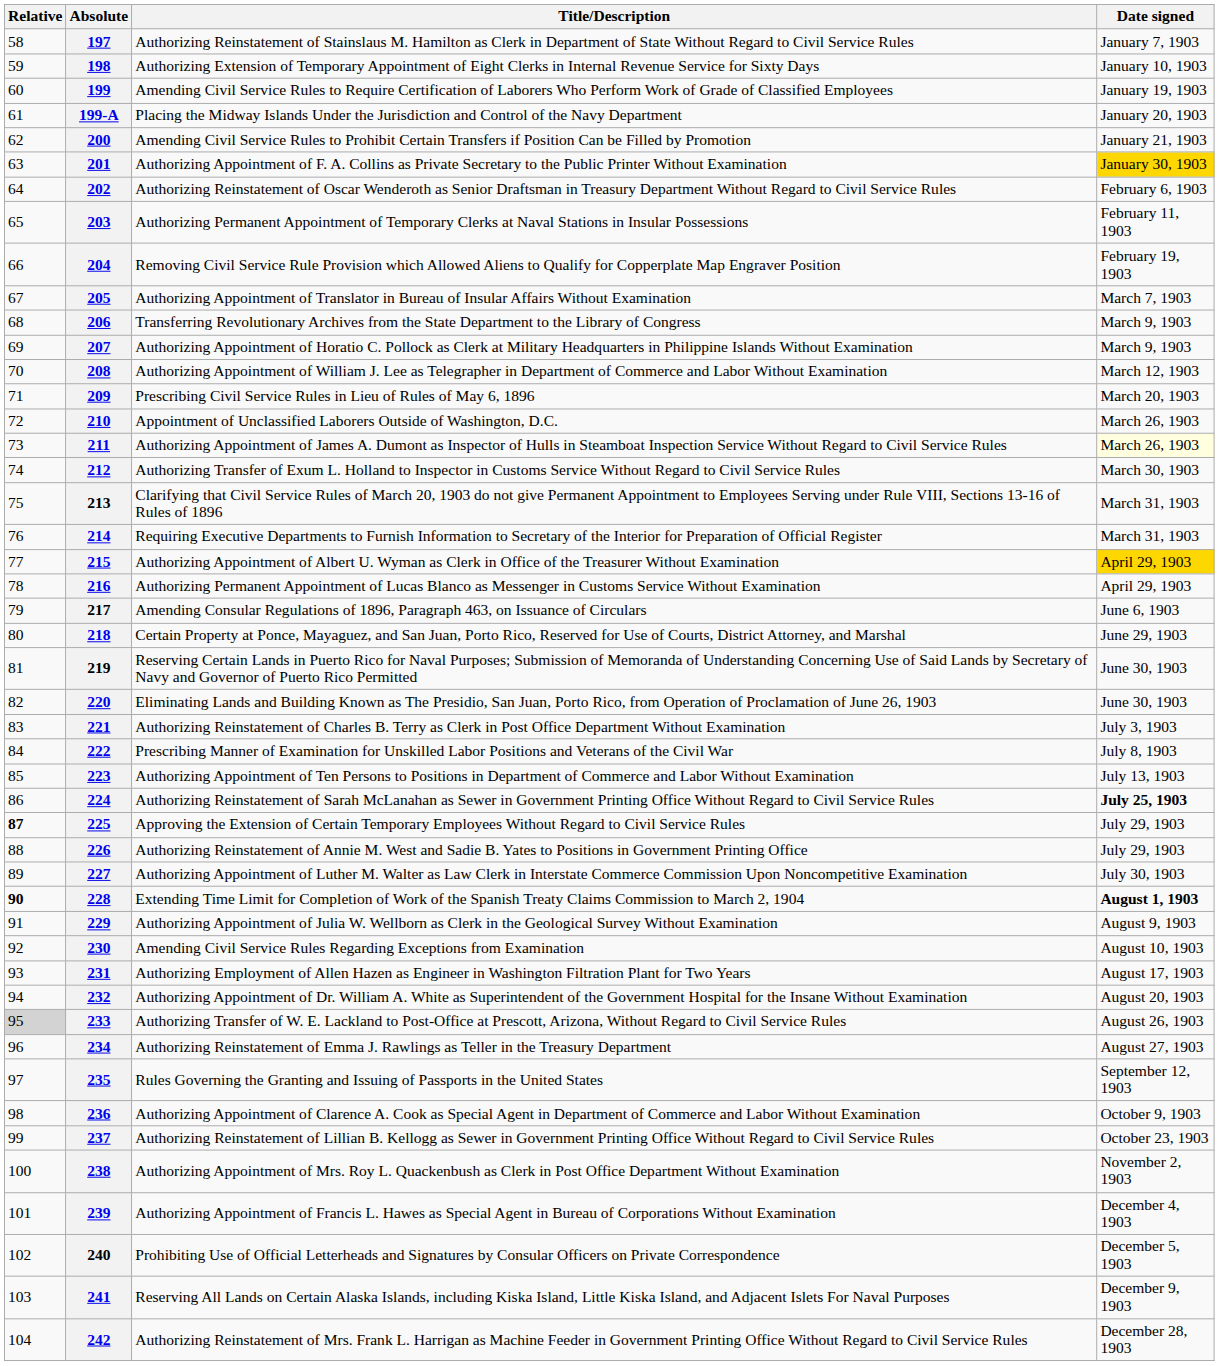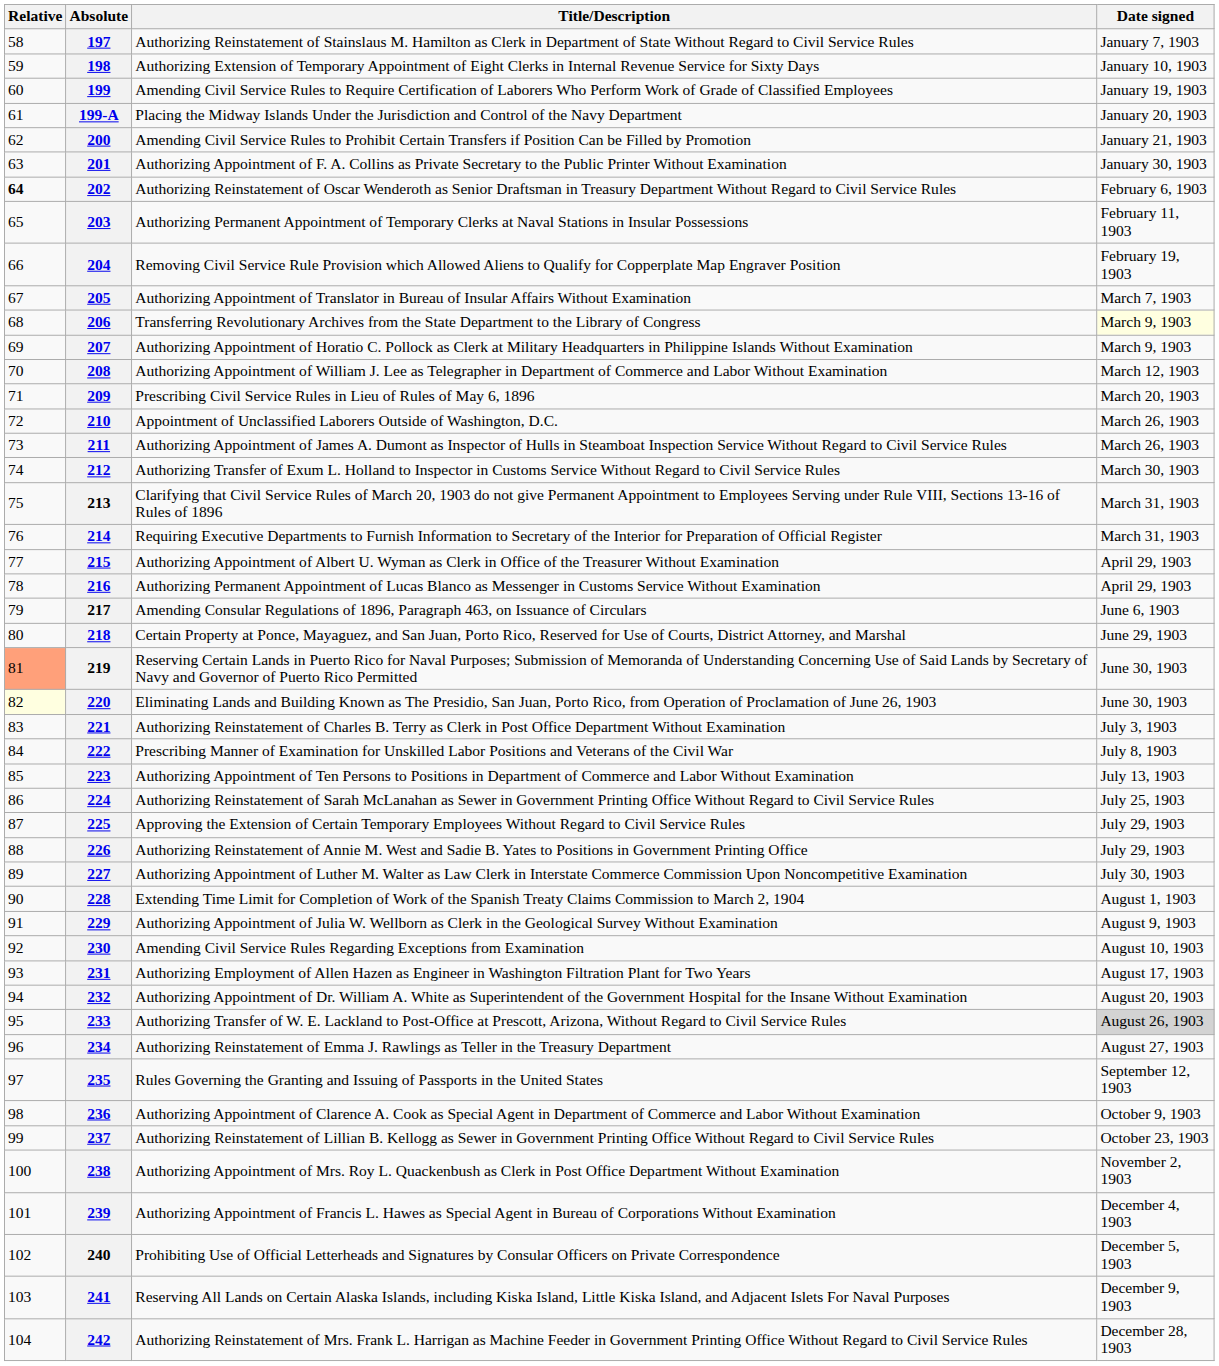 <table class="wikitable">
 <tr>
 <th>Relative </th>
 <th>Absolute </th>
 <th>Title/Description</th>
 <th>Date signed</th>
 </tr>
 <tr>
 <td>58</td>
 <th><a href='#'>197</a></th>
 <td>Authorizing Reinstatement of Stainslaus M. Hamilton as Clerk in Department of State Without Regard to Civil Service Rules</td>
 <td>January 7, 1903</td>
 </tr>
 <tr>
 <td>59</td>
 <th><a href='#'>198</a></th>
 <td>Authorizing Extension of Temporary Appointment of Eight Clerks in Internal Revenue Service for Sixty Days</td>
 <td>January 10, 1903</td>
 </tr>
 <tr>
 <td>60</td>
 <th><a href='#'>199</a></th>
 <td>Amending Civil Service Rules to Require Certification of Laborers Who Perform Work of Grade of Classified Employees</td>
 <td>January 19, 1903</td>
 </tr>
 <tr>
 <td>61</td>
 <th><a href='#'>199-A</a></th>
 <td>Placing the Midway Islands Under the Jurisdiction and Control of the Navy Department</td>
 <td>January 20, 1903</td>
 </tr>
 <tr>
 <td>62</td>
 <th><a href='#'>200</a></th>
 <td>Amending Civil Service Rules to Prohibit Certain Transfers if Position Can be Filled by Promotion</td>
 <td>January 21, 1903</td>
 </tr>
 <tr>
 <td>63</td>
 <th><a href='#'>201</a></th>
 <td>Authorizing Appointment of F. A. Collins as Private Secretary to the Public Printer Without Examination</td>
-<td style="background: gold;">January 30, 1903</td>
+<td>January 30, 1903</td>
 </tr>
 <tr>
-<td>64</td>
+<td><strong>64</strong></td>
 <th><a href='#'>202</a></th>
 <td>Authorizing Reinstatement of Oscar Wenderoth as Senior Draftsman in Treasury Department Without Regard to Civil Service Rules</td>
 <td>February 6, 1903</td>
 </tr>
 <tr>
 <td>65</td>
 <th><a href='#'>203</a></th>
 <td>Authorizing Permanent Appointment of Temporary Clerks at Naval Stations in Insular Possessions</td>
 <td>February 11, 1903</td>
 </tr>
 <tr>
 <td>66</td>
 <th><a href='#'>204</a></th>
 <td>Removing Civil Service Rule Provision which Allowed Aliens to Qualify for Copperplate Map Engraver Position</td>
 <td>February 19, 1903</td>
 </tr>
 <tr>
 <td>67</td>
 <th><a href='#'>205</a></th>
 <td>Authorizing Appointment of Translator in Bureau of Insular Affairs Without Examination</td>
 <td>March 7, 1903</td>
 </tr>
 <tr>
 <td>68</td>
 <th><a href='#'>206</a></th>
 <td>Transferring Revolutionary Archives from the State Department to the Library of Congress</td>
-<td>March 9, 1903</td>
+<td style="background: lightyellow;">March 9, 1903</td>
 </tr>
 <tr>
 <td>69</td>
 <th><a href='#'>207</a></th>
 <td>Authorizing Appointment of Horatio C. Pollock as Clerk at Military Headquarters in Philippine Islands Without Examination</td>
 <td>March 9, 1903</td>
 </tr>
 <tr>
 <td>70</td>
 <th><a href='#'>208</a></th>
 <td>Authorizing Appointment of William J. Lee as Telegrapher in Department of Commerce and Labor Without Examination</td>
 <td>March 12, 1903</td>
 </tr>
 <tr>
 <td>71</td>
 <th><a href='#'>209</a></th>
 <td>Prescribing Civil Service Rules in Lieu of Rules of May 6, 1896</td>
 <td>March 20, 1903</td>
 </tr>
 <tr>
 <td>72</td>
 <th><a href='#'>210</a></th>
 <td>Appointment of Unclassified Laborers Outside of Washington, D.C.</td>
 <td>March 26, 1903</td>
 </tr>
 <tr>
 <td>73</td>
 <th><a href='#'>211</a></th>
 <td>Authorizing Appointment of James A. Dumont as Inspector of Hulls in Steamboat Inspection Service Without Regard to Civil Service Rules</td>
-<td style="background: lightyellow;">March 26, 1903</td>
+<td>March 26, 1903</td>
 </tr>
 <tr>
 <td>74</td>
 <th><a href='#'>212</a></th>
 <td>Authorizing Transfer of Exum L. Holland to Inspector in Customs Service Without Regard to Civil Service Rules</td>
 <td>March 30, 1903</td>
 </tr>
 <tr>
 <td>75</td>
 <th>213</th>
 <td>Clarifying that Civil Service Rules of March 20, 1903 do not give Permanent Appointment to Employees Serving under Rule VIII, Sections 13-16 of Rules of 1896</td>
 <td>March 31, 1903</td>
 </tr>
 <tr>
 <td>76</td>
 <th><a href='#'>214</a></th>
 <td>Requiring Executive Departments to Furnish Information to Secretary of the Interior for Preparation of Official Register</td>
 <td>March 31, 1903</td>
 </tr>
 <tr>
 <td>77</td>
 <th><a href='#'>215</a></th>
 <td>Authorizing Appointment of Albert U. Wyman as Clerk in Office of the Treasurer Without Examination</td>
-<td style="background: gold;">April 29, 1903</td>
+<td>April 29, 1903</td>
 </tr>
 <tr>
 <td>78</td>
 <th><a href='#'>216</a></th>
 <td>Authorizing Permanent Appointment of Lucas Blanco as Messenger in Customs Service Without Examination</td>
 <td>April 29, 1903</td>
 </tr>
 <tr>
 <td>79</td>
 <th>217</th>
 <td>Amending Consular Regulations of 1896, Paragraph 463, on Issuance of Circulars</td>
 <td>June 6, 1903</td>
 </tr>
 <tr>
 <td>80</td>
 <th><a href='#'>218</a></th>
 <td>Certain Property at Ponce, Mayaguez, and San Juan, Porto Rico, Reserved for Use of Courts, District Attorney, and Marshal</td>
 <td>June 29, 1903</td>
 </tr>
 <tr>
-<td>81</td>
+<td style="background: lightsalmon;">81</td>
 <th>219</th>
 <td>Reserving Certain Lands in Puerto Rico for Naval Purposes; Submission of Memoranda of Understanding Concerning Use of Said Lands by Secretary of Navy and Governor of Puerto Rico Permitted</td>
 <td>June 30, 1903</td>
 </tr>
 <tr>
-<td>82</td>
+<td style="background: lightyellow;">82</td>
 <th><a href='#'>220</a></th>
 <td>Eliminating Lands and Building Known as The Presidio, San Juan, Porto Rico, from Operation of Proclamation of June 26, 1903</td>
 <td>June 30, 1903</td>
 </tr>
 <tr>
 <td>83</td>
 <th><a href='#'>221</a></th>
 <td>Authorizing Reinstatement of Charles B. Terry as Clerk in Post Office Department Without Examination</td>
 <td>July 3, 1903</td>
 </tr>
 <tr>
 <td>84</td>
 <th><a href='#'>222</a></th>
 <td>Prescribing Manner of Examination for Unskilled Labor Positions and Veterans of the Civil War</td>
 <td>July 8, 1903</td>
 </tr>
 <tr>
 <td>85</td>
 <th><a href='#'>223</a></th>
 <td>Authorizing Appointment of Ten Persons to Positions in Department of Commerce and Labor Without Examination</td>
 <td>July 13, 1903</td>
 </tr>
 <tr>
 <td>86</td>
 <th><a href='#'>224</a></th>
 <td>Authorizing Reinstatement of Sarah McLanahan as Sewer in Government Printing Office Without Regard to Civil Service Rules</td>
-<td><strong>July 25, 1903</strong></td>
+<td>July 25, 1903</td>
 </tr>
 <tr>
-<td><strong>87</strong></td>
+<td>87</td>
 <th><a href='#'>225</a></th>
 <td>Approving the Extension of Certain Temporary Employees Without Regard to Civil Service Rules</td>
 <td>July 29, 1903</td>
 </tr>
 <tr>
 <td>88</td>
 <th><a href='#'>226</a></th>
 <td>Authorizing Reinstatement of Annie M. West and Sadie B. Yates to Positions in Government Printing Office</td>
 <td>July 29, 1903</td>
 </tr>
 <tr>
 <td>89</td>
 <th><a href='#'>227</a></th>
 <td>Authorizing Appointment of Luther M. Walter as Law Clerk in Interstate Commerce Commission Upon Noncompetitive Examination</td>
 <td>July 30, 1903</td>
 </tr>
 <tr>
-<td><strong>90</strong></td>
+<td>90</td>
 <th><a href='#'>228</a></th>
 <td>Extending Time Limit for Completion of Work of the Spanish Treaty Claims Commission to March 2, 1904</td>
-<td><strong>August 1, 1903</strong></td>
+<td>August 1, 1903</td>
 </tr>
 <tr>
 <td>91</td>
 <th><a href='#'>229</a></th>
 <td>Authorizing Appointment of Julia W. Wellborn as Clerk in the Geological Survey Without Examination</td>
 <td>August 9, 1903</td>
 </tr>
 <tr>
 <td>92</td>
 <th><a href='#'>230</a></th>
 <td>Amending Civil Service Rules Regarding Exceptions from Examination</td>
 <td>August 10, 1903</td>
 </tr>
 <tr>
 <td>93</td>
 <th><a href='#'>231</a></th>
 <td>Authorizing Employment of Allen Hazen as Engineer in Washington Filtration Plant for Two Years</td>
 <td>August 17, 1903</td>
 </tr>
 <tr>
 <td>94</td>
 <th><a href='#'>232</a></th>
 <td>Authorizing Appointment of Dr. William A. White as Superintendent of the Government Hospital for the Insane Without Examination</td>
 <td>August 20, 1903</td>
 </tr>
 <tr>
-<td style="background: lightgrey;">95</td>
+<td>95</td>
 <th><a href='#'>233</a></th>
 <td>Authorizing Transfer of W. E. Lackland to Post-Office at Prescott, Arizona, Without Regard to Civil Service Rules</td>
-<td>August 26, 1903</td>
+<td style="background: lightgrey;">August 26, 1903</td>
 </tr>
 <tr>
 <td>96</td>
 <th><a href='#'>234</a></th>
 <td>Authorizing Reinstatement of Emma J. Rawlings as Teller in the Treasury Department</td>
 <td>August 27, 1903</td>
 </tr>
 <tr>
 <td>97</td>
 <th><a href='#'>235</a></th>
 <td>Rules Governing the Granting and Issuing of Passports in the United States</td>
 <td>September 12, 1903</td>
 </tr>
 <tr>
 <td>98</td>
 <th><a href='#'>236</a></th>
 <td>Authorizing Appointment of Clarence A. Cook as Special Agent in Department of Commerce and Labor Without Examination</td>
 <td>October 9, 1903</td>
 </tr>
 <tr>
 <td>99</td>
 <th><a href='#'>237</a></th>
 <td>Authorizing Reinstatement of Lillian B. Kellogg as Sewer in Government Printing Office Without Regard to Civil Service Rules</td>
 <td>October 23, 1903</td>
 </tr>
 <tr>
 <td>100</td>
 <th><a href='#'>238</a></th>
 <td>Authorizing Appointment of Mrs. Roy L. Quackenbush as Clerk in Post Office Department Without Examination</td>
 <td>November 2, 1903</td>
 </tr>
 <tr>
 <td>101</td>
 <th><a href='#'>239</a></th>
 <td>Authorizing Appointment of Francis L. Hawes as Special Agent in Bureau of Corporations Without Examination</td>
 <td>December 4, 1903</td>
 </tr>
 <tr>
 <td>102</td>
 <th>240</th>
 <td>Prohibiting Use of Official Letterheads and Signatures by Consular Officers on Private Correspondence</td>
 <td>December 5, 1903</td>
 </tr>
 <tr>
 <td>103</td>
 <th><a href='#'>241</a></th>
 <td>Reserving All Lands on Certain Alaska Islands, including Kiska Island, Little Kiska Island, and Adjacent Islets For Naval Purposes</td>
 <td>December 9, 1903</td>
 </tr>
 <tr>
 <td>104</td>
 <th><a href='#'>242</a></th>
 <td>Authorizing Reinstatement of Mrs. Frank L. Harrigan as Machine Feeder in Government Printing Office Without Regard to Civil Service Rules</td>
 <td>December 28, 1903</td>
 </tr>
 </table>
